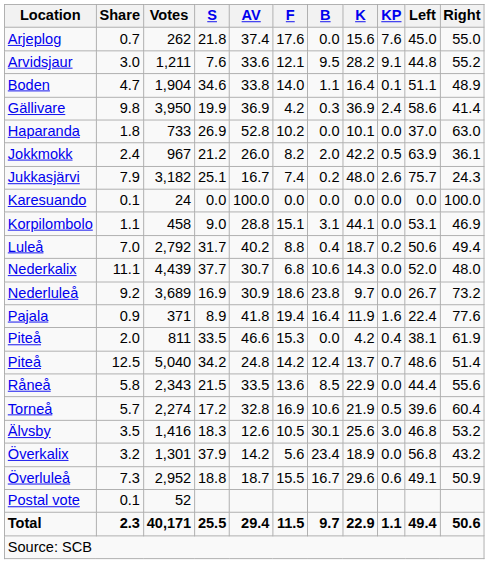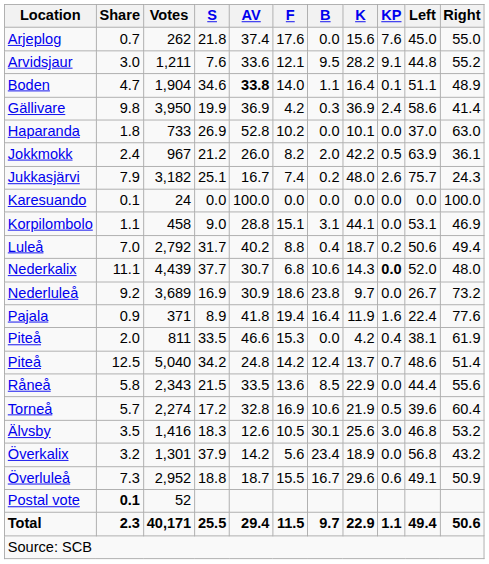 <table class="wikitable sortable" style=text-align:right>
 <tr>
 <th>Location</th>
 <th>Share</th>
 <th>Votes</th>
 <th><a href='#'>S</a></th>
 <th><a href='#'>AV</a></th>
 <th><a href='#'>F</a></th>
 <th><a href='#'>B</a></th>
 <th><a href='#'>K</a></th>
 <th><a href='#'>KP</a></th>
 <th>Left</th>
 <th>Right</th>
 </tr>
 <tr>
 <td align=left><a href='#'>Arjeplog</a></td>
 <td>0.7</td>
 <td>262</td>
 <td>21.8</td>
 <td>37.4</td>
 <td>17.6</td>
 <td>0.0</td>
 <td>15.6</td>
 <td>7.6</td>
 <td>45.0</td>
 <td>55.0</td>
 </tr>
 <tr>
 <td align=left><a href='#'>Arvidsjaur</a></td>
 <td>3.0</td>
 <td>1,211</td>
 <td>7.6</td>
 <td>33.6</td>
 <td>12.1</td>
 <td>9.5</td>
 <td>28.2</td>
 <td>9.1</td>
 <td>44.8</td>
 <td>55.2</td>
 </tr>
 <tr>
 <td align=left><a href='#'>Boden</a></td>
 <td>4.7</td>
 <td>1,904</td>
 <td>34.6</td>
-<td>33.8</td>
+<td><strong>33.8</strong></td>
 <td>14.0</td>
 <td>1.1</td>
 <td>16.4</td>
 <td>0.1</td>
 <td>51.1</td>
 <td>48.9</td>
 </tr>
 <tr>
 <td align=left><a href='#'>Gällivare</a></td>
 <td>9.8</td>
 <td>3,950</td>
 <td>19.9</td>
 <td>36.9</td>
 <td>4.2</td>
 <td>0.3</td>
 <td>36.9</td>
 <td>2.4</td>
 <td>58.6</td>
 <td>41.4</td>
 </tr>
 <tr>
 <td align=left><a href='#'>Haparanda</a></td>
 <td>1.8</td>
 <td>733</td>
 <td>26.9</td>
 <td>52.8</td>
 <td>10.2</td>
 <td>0.0</td>
 <td>10.1</td>
 <td>0.0</td>
 <td>37.0</td>
 <td>63.0</td>
 </tr>
 <tr>
 <td align=left><a href='#'>Jokkmokk</a></td>
 <td>2.4</td>
 <td>967</td>
 <td>21.2</td>
 <td>26.0</td>
 <td>8.2</td>
 <td>2.0</td>
 <td>42.2</td>
 <td>0.5</td>
 <td>63.9</td>
 <td>36.1</td>
 </tr>
 <tr>
 <td align=left><a href='#'>Jukkasjärvi</a></td>
 <td>7.9</td>
 <td>3,182</td>
 <td>25.1</td>
 <td>16.7</td>
 <td>7.4</td>
 <td>0.2</td>
 <td>48.0</td>
 <td>2.6</td>
 <td>75.7</td>
 <td>24.3</td>
 </tr>
 <tr>
 <td align=left><a href='#'>Karesuando</a></td>
 <td>0.1</td>
 <td>24</td>
 <td>0.0</td>
 <td>100.0</td>
 <td>0.0</td>
 <td>0.0</td>
 <td>0.0</td>
 <td>0.0</td>
 <td>0.0</td>
 <td>100.0</td>
 </tr>
 <tr>
 <td align=left><a href='#'>Korpilombolo</a></td>
 <td>1.1</td>
 <td>458</td>
 <td>9.0</td>
 <td>28.8</td>
 <td>15.1</td>
 <td>3.1</td>
 <td>44.1</td>
 <td>0.0</td>
 <td>53.1</td>
 <td>46.9</td>
 </tr>
 <tr>
 <td align=left><a href='#'>Luleå</a></td>
 <td>7.0</td>
 <td>2,792</td>
 <td>31.7</td>
 <td>40.2</td>
 <td>8.8</td>
 <td>0.4</td>
 <td>18.7</td>
 <td>0.2</td>
 <td>50.6</td>
 <td>49.4</td>
 </tr>
 <tr>
 <td align=left><a href='#'>Nederkalix</a></td>
 <td>11.1</td>
 <td>4,439</td>
 <td>37.7</td>
 <td>30.7</td>
 <td>6.8</td>
 <td>10.6</td>
 <td>14.3</td>
-<td>0.0</td>
+<td><strong>0.0</strong></td>
 <td>52.0</td>
 <td>48.0</td>
 </tr>
 <tr>
 <td align=left><a href='#'>Nederluleå</a></td>
 <td>9.2</td>
 <td>3,689</td>
 <td>16.9</td>
 <td>30.9</td>
 <td>18.6</td>
 <td>23.8</td>
 <td>9.7</td>
 <td>0.0</td>
 <td>26.7</td>
 <td>73.2</td>
 </tr>
 <tr>
 <td align=left><a href='#'>Pajala</a></td>
 <td>0.9</td>
 <td>371</td>
 <td>8.9</td>
 <td>41.8</td>
 <td>19.4</td>
 <td>16.4</td>
 <td>11.9</td>
 <td>1.6</td>
 <td>22.4</td>
 <td>77.6</td>
 </tr>
 <tr>
 <td align=left><a href='#'>Piteå</a></td>
 <td>2.0</td>
 <td>811</td>
 <td>33.5</td>
 <td>46.6</td>
 <td>15.3</td>
 <td>0.0</td>
 <td>4.2</td>
 <td>0.4</td>
 <td>38.1</td>
 <td>61.9</td>
 </tr>
 <tr>
 <td align=left><a href='#'>Piteå</a></td>
 <td>12.5</td>
 <td>5,040</td>
 <td>34.2</td>
 <td>24.8</td>
 <td>14.2</td>
 <td>12.4</td>
 <td>13.7</td>
 <td>0.7</td>
 <td>48.6</td>
 <td>51.4</td>
 </tr>
 <tr>
 <td align=left><a href='#'>Råneå</a></td>
 <td>5.8</td>
 <td>2,343</td>
 <td>21.5</td>
 <td>33.5</td>
 <td>13.6</td>
 <td>8.5</td>
 <td>22.9</td>
 <td>0.0</td>
 <td>44.4</td>
 <td>55.6</td>
 </tr>
 <tr>
 <td align=left><a href='#'>Torneå</a></td>
 <td>5.7</td>
 <td>2,274</td>
 <td>17.2</td>
 <td>32.8</td>
 <td>16.9</td>
 <td>10.6</td>
 <td>21.9</td>
 <td>0.5</td>
 <td>39.6</td>
 <td>60.4</td>
 </tr>
 <tr>
 <td align=left><a href='#'>Älvsby</a></td>
 <td>3.5</td>
 <td>1,416</td>
 <td>18.3</td>
 <td>12.6</td>
 <td>10.5</td>
 <td>30.1</td>
 <td>25.6</td>
 <td>3.0</td>
 <td>46.8</td>
 <td>53.2</td>
 </tr>
 <tr>
 <td align=left><a href='#'>Överkalix</a></td>
 <td>3.2</td>
 <td>1,301</td>
 <td>37.9</td>
 <td>14.2</td>
 <td>5.6</td>
 <td>23.4</td>
 <td>18.9</td>
 <td>0.0</td>
 <td>56.8</td>
 <td>43.2</td>
 </tr>
 <tr>
 <td align=left><a href='#'>Överluleå</a></td>
 <td>7.3</td>
 <td>2,952</td>
 <td>18.8</td>
 <td>18.7</td>
 <td>15.5</td>
 <td>16.7</td>
 <td>29.6</td>
 <td>0.6</td>
 <td>49.1</td>
 <td>50.9</td>
 </tr>
 <tr>
 <td align=left><a href='#'>Postal vote</a></td>
-<td>0.1</td>
+<td><strong>0.1</strong></td>
 <td>52</td>
 <td></td>
 <td></td>
 <td></td>
 <td></td>
 <td></td>
 <td></td>
 <td></td>
 <td></td>
 </tr>
 <tr>
 <td align=left><strong>Total</strong></td>
 <td><strong>2.3</strong></td>
 <td><strong>40,171</strong></td>
 <td><strong>25.5</strong></td>
 <td><strong>29.4</strong></td>
 <td><strong>11.5</strong></td>
 <td><strong>9.7</strong></td>
 <td><strong>22.9</strong></td>
 <td><strong>1.1</strong></td>
 <td><strong>49.4</strong></td>
 <td><strong>50.6</strong></td>
 </tr>
 <tr>
 <td align=left colspan=11>Source: SCB </td>
 </tr>
 </table>
